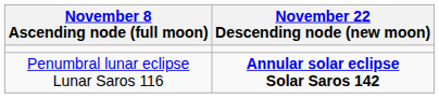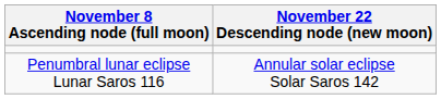 <table class="wikitable">
 <tr>
 <th><a href='#'>November 8</a><br>Ascending node (full moon)<br></th>
 <th><a href='#'>November 22</a><br>Descending node (new moon)<br></th>
 </tr>
 <tr>
 <td></td>
 <td></td>
 </tr>
 <tr align=center>
 <td><a href='#'>Penumbral lunar eclipse</a><br>Lunar Saros 116</td>
-<td><strong><a href='#'>Annular solar eclipse</a><br>Solar Saros 142</strong></td>
+<td><a href='#'>Annular solar eclipse</a><br>Solar Saros 142</td>
 </tr>
 </table>
